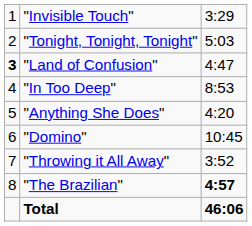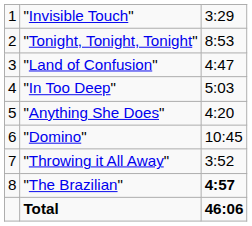 <table class="wikitable">
 <tr>
 <td>1</td>
 <td>"<a href='#'>Invisible Touch</a>"</td>
 <td>3:29</td>
 </tr>
 <tr>
 <td>2</td>
 <td>"<a href='#'>Tonight, Tonight, Tonight</a>"</td>
-<td>5:03</td>
+<td>8:53</td>
 </tr>
 <tr>
-<td><strong>3</strong></td>
+<td>3</td>
 <td>"<a href='#'>Land of Confusion</a>"</td>
 <td>4:47</td>
 </tr>
 <tr>
 <td>4</td>
 <td>"<a href='#'>In Too Deep</a>"</td>
-<td>8:53</td>
+<td>5:03</td>
 </tr>
 <tr>
 <td>5</td>
 <td>"<a href='#'>Anything She Does</a>"</td>
 <td>4:20</td>
 </tr>
 <tr>
 <td>6</td>
 <td>"<a href='#'>Domino</a>"</td>
 <td>10:45</td>
 </tr>
 <tr>
 <td>7</td>
 <td>"<a href='#'>Throwing it All Away</a>"</td>
 <td>3:52</td>
 </tr>
 <tr>
 <td>8</td>
 <td>"<a href='#'>The Brazilian</a>"</td>
 <td><strong>4:57</strong></td>
 </tr>
 <tr>
 <td></td>
 <td><strong>Total</strong></td>
 <td><strong>46:06</strong></td>
 </tr>
 </table>
